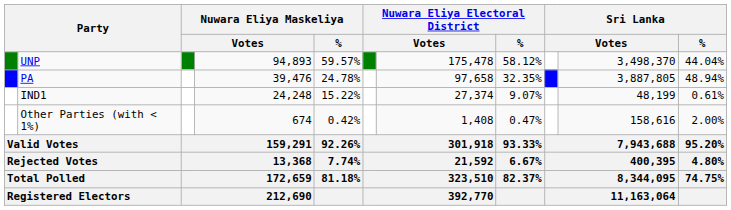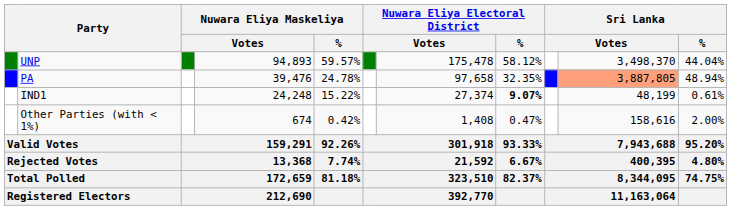 <table class="wikitable">
 <tr>
 <th colspan="2" width="144px"rowspan="2">Party</th>
 <th colspan="3" width="216px">Nuwara Eliya Maskeliya</th>
 <th colspan="3" width="216px"><a href='#'>Nuwara Eliya Electoral District</a></th>
 <th colspan="3" width="216px">Sri Lanka</th>
 </tr>
 <tr>
 <th colspan="2" width="144px">Votes</th>
 <th>%</th>
 <th colspan="2" width="144px">Votes</th>
 <th>%</th>
 <th colspan="2" width="144px">Votes</th>
 <th>%</th>
 </tr>
 <tr>
 <td style="background-color:green;" width="10px"></td>
 <td style="text-align:left;"><a href='#'>UNP</a></td>
 <td style="background-color:green;" width="10px"></td>
 <td style="text-align:right;">94,893</td>
 <td style="text-align:right;">59.57%</td>
 <td style="background-color:green;" width="10px"></td>
 <td style="text-align:right;">175,478</td>
 <td style="text-align:right;">58.12%</td>
 <td style="background-color:white;" width="10px"></td>
 <td style="text-align:right;">3,498,370</td>
 <td style="text-align:right;">44.04%</td>
 </tr>
 <tr>
 <td style="background-color:blue;" width="10px"></td>
 <td style="text-align:left;"><a href='#'>PA</a></td>
 <td style="background-color:white;" width="10px"></td>
 <td style="text-align:right;">39,476</td>
 <td style="text-align:right;">24.78%</td>
 <td style="background-color:white;" width="10px"></td>
 <td style="text-align:right;">97,658</td>
 <td style="text-align:right;">32.35%</td>
 <td style="background-color:blue;" width="10px"></td>
-<td style="text-align:right;">3,887,805</td>
+<td style="background: lightsalmon; text-align:right;">3,887,805</td>
 <td style="text-align:right;">48.94%</td>
 </tr>
 <tr>
 <td style="background-color:white;" width="10px"></td>
 <td style="text-align:left;">IND1</td>
 <td style="background-color:white;" width="10px"></td>
 <td style="text-align:right;">24,248</td>
 <td style="text-align:right;">15.22%</td>
 <td style="background-color:white;" width="10px"></td>
 <td style="text-align:right;">27,374</td>
-<td style="text-align:right;">9.07%</td>
+<td style="text-align:right;"><strong>9.07%</strong></td>
 <td style="background-color:white;" width="10px"></td>
 <td style="text-align:right;">48,199</td>
 <td style="text-align:right;">0.61%</td>
 </tr>
 <tr>
 <td style="background-color:white;" width="10px"></td>
 <td style="text-align:left;">Other Parties (with < 1%)</td>
 <td style="background-color:white;" width="10px"></td>
 <td style="text-align:right;">674</td>
 <td style="text-align:right;">0.42%</td>
 <td style="background-color:white;" width="10px"></td>
 <td style="text-align:right;">1,408</td>
 <td style="text-align:right;">0.47%</td>
 <td style="background-color:white;" width="10px"></td>
 <td style="text-align:right;">158,616</td>
 <td style="text-align:right;">2.00%</td>
 </tr>
 <tr>
 <th colspan="2" width="144px"style="text-align:left;">Valid Votes</th>
 <th style="text-align:right;"colspan="2" width="144px">159,291</th>
 <th style="text-align:right;">92.26%</th>
 <th style="text-align:right;"colspan="2" width="144px">301,918</th>
 <th style="text-align:right;">93.33%</th>
 <th style="text-align:right;"colspan="2" width="144px">7,943,688</th>
 <th style="text-align:right;">95.20%</th>
 </tr>
 <tr>
 <th colspan="2" width="144px"style="text-align:left;">Rejected Votes</th>
 <th style="text-align:right;"colspan="2" width="144px">13,368</th>
 <th style="text-align:right;">7.74%</th>
 <th style="text-align:right;"colspan="2" width="144px">21,592</th>
 <th style="text-align:right;">6.67%</th>
 <th style="text-align:right;"colspan="2" width="144px">400,395</th>
 <th style="text-align:right;">4.80%</th>
 </tr>
 <tr>
 <th colspan="2" width="144px"style="text-align:left;">Total Polled</th>
 <th style="text-align:right;"colspan="2" width="144px">172,659</th>
 <th style="text-align:right;">81.18%</th>
 <th style="text-align:right;"colspan="2" width="144px">323,510</th>
 <th style="text-align:right;">82.37%</th>
 <th style="text-align:right;"colspan="2" width="144px">8,344,095</th>
 <th style="text-align:right;">74.75%</th>
 </tr>
 <tr>
 <th colspan="2" width="144px"style="text-align:left;">Registered Electors</th>
 <th style="text-align:right;"colspan="2" width="144px">212,690</th>
 <th></th>
 <th style="text-align:right;"colspan="2" width="144px">392,770</th>
 <th></th>
 <th style="text-align:right;"colspan="2" width="144px">11,163,064</th>
 <th></th>
 </tr>
 </table>
